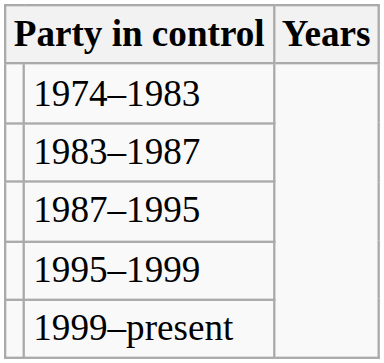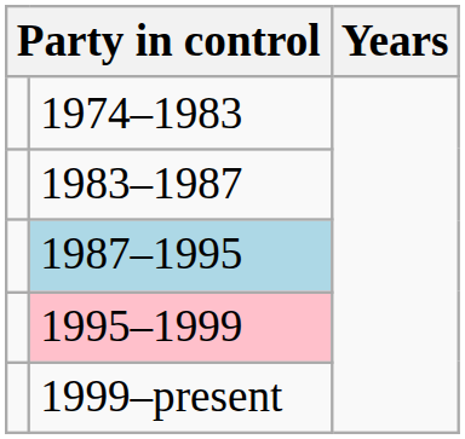 <table class="wikitable">
 <tr>
 <th colspan=2>Party in control</th>
 <th>Years</th>
 </tr>
 <tr>
 <td></td>
 <td>1974–1983</td>
 </tr>
 <tr>
 <td></td>
 <td>1983–1987</td>
 </tr>
 <tr>
 <td></td>
-<td>1987–1995</td>
+<td style="background: lightblue;">1987–1995</td>
 </tr>
 <tr>
 <td></td>
-<td>1995–1999</td>
+<td style="background: pink;">1995–1999</td>
 </tr>
 <tr>
 <td></td>
 <td>1999–present</td>
 </tr>
 </table>
